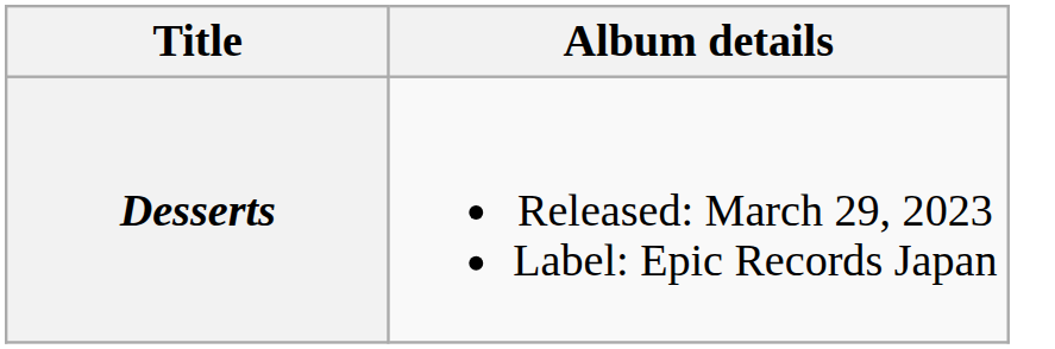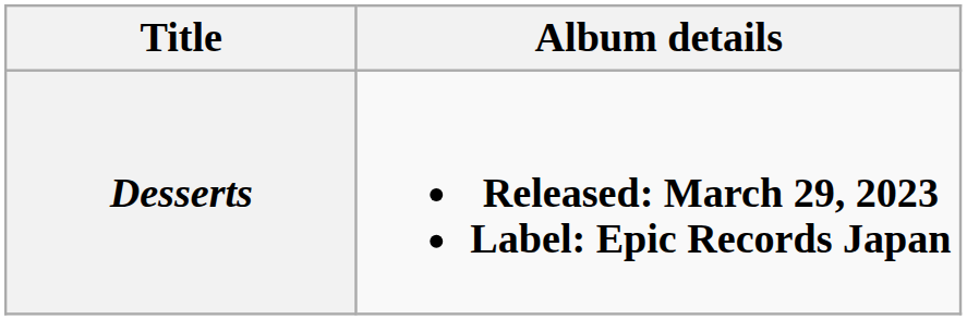 <table class="wikitable plainrowheaders" style="text-align:center;">
 <tr>
 <th rowspan="1" style="width:8em;">Title</th>
 <th rowspan="1">Album details</th>
 </tr>
 <tr>
 <th scope="row"><em>Desserts</em></th>
-<td><br><ul><li>Released: March 29, 2023</li><li>Label: Epic Records Japan</li></ul></td>
+<td><strong><br><ul><li>Released: March 29, 2023</li><li>Label: Epic Records Japan</li></ul></strong></td>
 </tr>
 </table>
